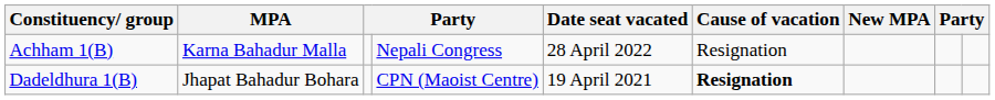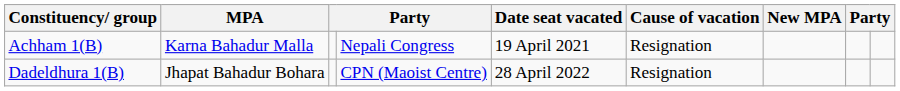 <table class="wikitable">
 <tr>
 <th>Constituency/ group</th>
 <th>MPA</th>
 <th colspan="2">Party</th>
 <th>Date seat vacated</th>
 <th>Cause of vacation</th>
 <th>New MPA</th>
 <th colspan="2">Party</th>
 </tr>
 <tr>
 <td><a href='#'>Achham 1(B)</a></td>
 <td><a href='#'>Karna Bahadur Malla</a></td>
 <td></td>
 <td><a href='#'>Nepali Congress</a></td>
-<td>28 April 2022</td>
+<td>19 April 2021</td>
 <td>Resignation</td>
 <td></td>
 <td></td>
 <td></td>
 </tr>
 <tr>
 <td><a href='#'>Dadeldhura 1(B)</a></td>
 <td>Jhapat Bahadur Bohara</td>
 <td></td>
 <td><a href='#'>CPN (Maoist Centre)</a></td>
-<td>19 April 2021</td>
-<td><strong>Resignation</strong></td>
+<td>28 April 2022</td>
+<td>Resignation</td>
 <td></td>
 <td></td>
 <td></td>
 </tr>
 </table>
